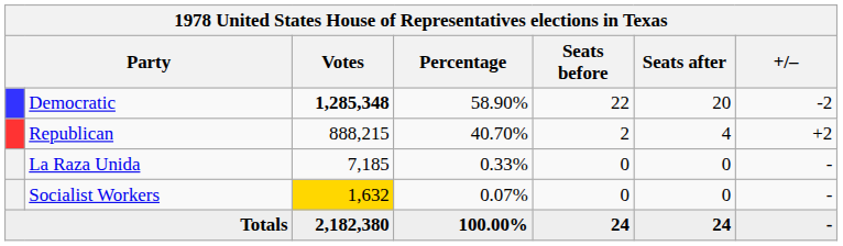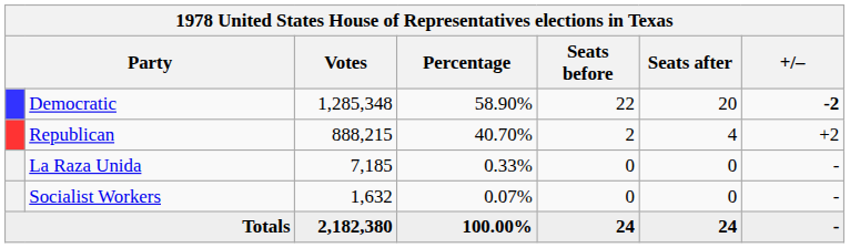 <table class="wikitable" style="font-size: 95%;">
 <tr>
 <th colspan="7">1978 United States House of Representatives elections in Texas</th>
 </tr>
 <tr>
 <th colspan="2" style="width: 15em">Party</th>
 <th style="width: 5em">Votes</th>
 <th style="width: 7em">Percentage</th>
 <th style="width: 5em">Seats before</th>
 <th style="width: 5em">Seats after</th>
 <th style="width: 5em">+/–</th>
 </tr>
 <tr>
 <th style="background-color:#3333FF; width: 3px"></th>
 <td style="width: 130px"><a href='#'>Democratic</a></td>
-<td align="right"><strong>1,285,348</strong></td>
+<td align="right">1,285,348</td>
 <td align="right">58.90%</td>
 <td align="right">22</td>
 <td align="right">20</td>
-<td align="right">-2</td>
+<td align="right"><strong>-2</strong></td>
 </tr>
 <tr>
 <th style="background-color:#FF3333; width: 3px"></th>
 <td style="width: 130px"><a href='#'>Republican</a></td>
 <td align="right">888,215</td>
 <td align="right">40.70%</td>
 <td align="right">2</td>
 <td align="right">4</td>
 <td align="right">+2</td>
 </tr>
 <tr>
 <th style="background-color:"></th>
 <td style="width: 130px"><a href='#'>La Raza Unida</a></td>
 <td align="right">7,185</td>
 <td align="right">0.33%</td>
 <td align="right">0</td>
 <td align="right">0</td>
 <td align="right">-</td>
 </tr>
 <tr>
 <th style="background-color:"></th>
 <td style="width: 130px"><a href='#'>Socialist Workers</a></td>
-<td align="right" style="background: gold;">1,632</td>
+<td align="right">1,632</td>
 <td align="right">0.07%</td>
 <td align="right">0</td>
 <td align="right">0</td>
 <td align="right">-</td>
 </tr>
 <tr bgcolor="#EEEEEE">
 <td colspan="2" align="right"><strong>Totals</strong></td>
 <td align="right"><strong>2,182,380</strong></td>
 <td align="right"><strong>100.00%</strong></td>
 <td align="right"><strong>24</strong></td>
 <td align="right"><strong>24</strong></td>
 <td align="right"><strong>-</strong></td>
 </tr>
 </table>
